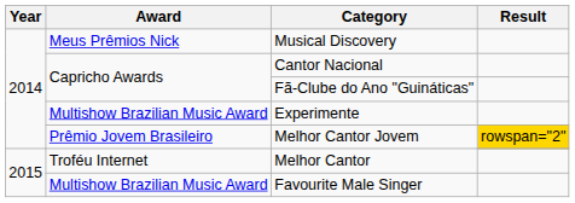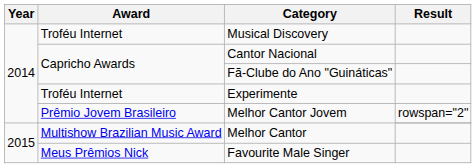 <table class="wikitable">
 <tr>
 <th>Year</th>
 <th>Award</th>
 <th>Category</th>
 <th>Result</th>
 </tr>
 <tr>
 <td rowspan="5">2014</td>
-<td><a href='#'>Meus Prêmios Nick</a></td>
+<td>Troféu Internet</td>
 <td>Musical Discovery</td>
 <td></td>
 </tr>
 <tr>
 <td rowspan="2">Capricho Awards</td>
 <td>Cantor Nacional</td>
 <td></td>
 </tr>
 <tr>
 <td>Fã-Clube do Ano "Guináticas"</td>
 <td></td>
 </tr>
 <tr>
-<td><a href='#'>Multishow Brazilian Music Award</a></td>
+<td>Troféu Internet</td>
 <td>Experimente</td>
 <td></td>
 </tr>
 <tr>
 <td rowspan="2"><a href='#'>Prêmio Jovem Brasileiro</a></td>
 <td rowspan="2">Melhor Cantor Jovem</td>
-<td style="background: gold;">rowspan="2" </td>
+<td>rowspan="2" </td>
 </tr>
 <tr>
 <td rowspan="3">2015</td>
 </tr>
 <tr>
-<td>Troféu Internet</td>
+<td><a href='#'>Multishow Brazilian Music Award</a></td>
 <td>Melhor Cantor</td>
 <td></td>
 </tr>
 <tr>
-<td><a href='#'>Multishow Brazilian Music Award</a></td>
+<td><a href='#'>Meus Prêmios Nick</a></td>
 <td>Favourite Male Singer</td>
 <td></td>
 </tr>
 </table>
